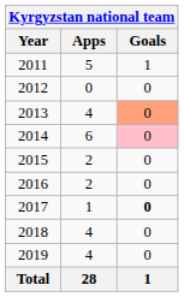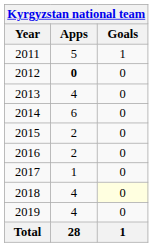 <table class="wikitable" style="text-align:center">
 <tr>
 <th colspan=3><a href='#'>Kyrgyzstan national team</a></th>
 </tr>
 <tr>
 <th>Year</th>
 <th>Apps</th>
 <th>Goals</th>
 </tr>
 <tr>
 <td>2011</td>
 <td>5</td>
 <td>1</td>
 </tr>
 <tr>
 <td>2012</td>
-<td>0</td>
+<td><strong>0</strong></td>
 <td>0</td>
 </tr>
 <tr>
 <td>2013</td>
 <td>4</td>
-<td style="background: lightsalmon;">0</td>
+<td>0</td>
 </tr>
 <tr>
 <td>2014</td>
 <td>6</td>
-<td style="background: pink;">0</td>
+<td>0</td>
 </tr>
 <tr>
 <td>2015</td>
 <td>2</td>
 <td>0</td>
 </tr>
 <tr>
 <td>2016</td>
 <td>2</td>
 <td>0</td>
 </tr>
 <tr>
 <td>2017</td>
 <td>1</td>
-<td><strong>0</strong></td>
+<td>0</td>
 </tr>
 <tr>
 <td>2018</td>
 <td>4</td>
-<td>0</td>
+<td style="background: lightyellow;">0</td>
 </tr>
 <tr>
 <td>2019</td>
 <td>4</td>
 <td>0</td>
 </tr>
 <tr>
 <th>Total</th>
 <th>28</th>
 <th>1</th>
 </tr>
 </table>
